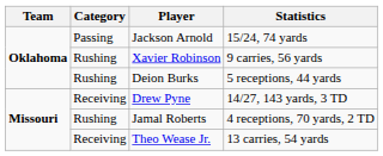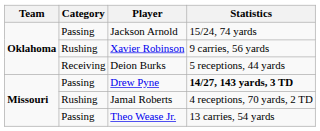 <table class="wikitable" style="float: right;">
 <tr>
 <th>Team</th>
 <th>Category</th>
 <th>Player</th>
 <th>Statistics</th>
 </tr>
 <tr>
 <td rowspan=3><strong>Oklahoma </strong></td>
 <td>Passing</td>
 <td>Jackson Arnold</td>
 <td>15/24, 74 yards</td>
 </tr>
 <tr>
 <td>Rushing</td>
 <td><a href='#'>Xavier Robinson</a></td>
 <td>9 carries, 56 yards</td>
 </tr>
 <tr>
-<td>Rushing</td>
+<td>Receiving</td>
 <td>Deion Burks</td>
 <td>5 receptions, 44 yards</td>
 </tr>
 <tr>
 <td rowspan=3><strong>Missouri</strong></td>
-<td>Receiving</td>
+<td>Passing</td>
 <td><a href='#'>Drew Pyne</a></td>
-<td>14/27, 143 yards, 3 TD</td>
+<td><strong>14/27, 143 yards, 3 TD</strong></td>
 </tr>
 <tr>
 <td>Rushing</td>
 <td>Jamal Roberts</td>
 <td>4 receptions, 70 yards, 2 TD</td>
 </tr>
 <tr>
-<td>Receiving</td>
+<td>Passing</td>
 <td><a href='#'>Theo Wease Jr.</a></td>
 <td>13 carries, 54 yards</td>
 </tr>
 </table>
